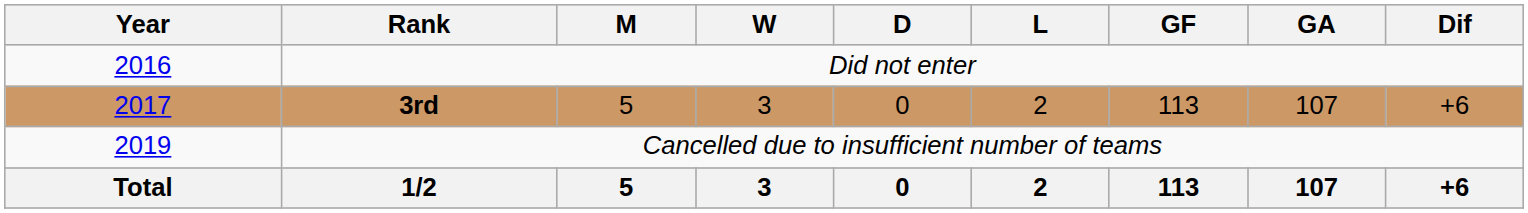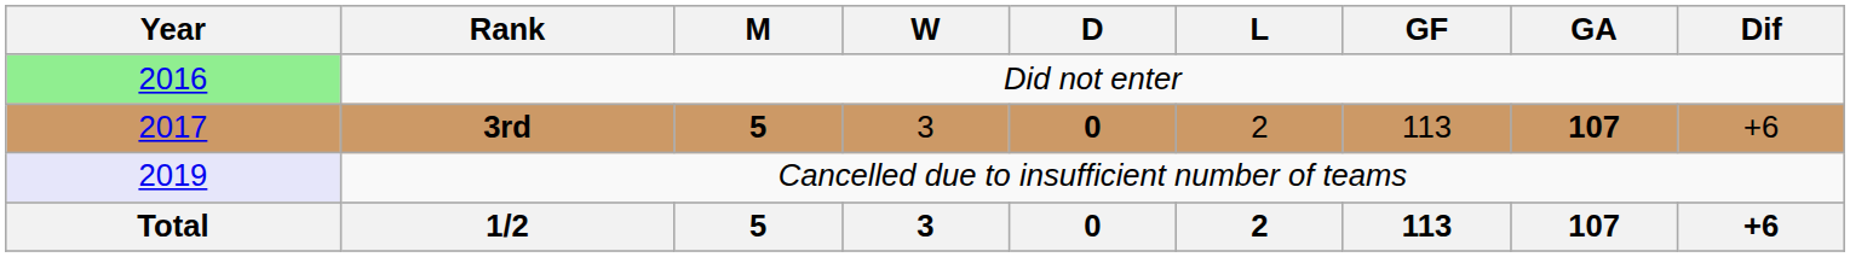 <table class="wikitable sortable" width=60% style="text-align:center">
 <tr>
 <th width=10%>Year</th>
 <th width=10%>Rank</th>
 <th width=5%>M</th>
 <th width=5%>W</th>
 <th width=5%>D</th>
 <th width=5%>L</th>
 <th width=5%>GF</th>
 <th width=5%>GA</th>
 <th width=5%>Dif</th>
 </tr>
 <tr>
-<td style="text-align:center;"> <a href='#'>2016</a></td>
+<td style="background: lightgreen; text-align:center;"> <a href='#'>2016</a></td>
 <td colspan=9><em>Did not enter</em></td>
 </tr>
 <tr style="background:#c96;">
 <td style="text-align:center;"> <a href='#'>2017</a></td>
 <td><strong>3rd</strong></td>
-<td>5</td>
+<td><strong>5</strong></td>
 <td>3</td>
-<td>0</td>
+<td><strong>0</strong></td>
 <td>2</td>
 <td>113</td>
-<td>107</td>
+<td><strong>107</strong></td>
 <td>+6</td>
 </tr>
 <tr>
-<td style="text-align:center;"> <a href='#'>2019</a></td>
+<td style="background: lavender; text-align:center;"> <a href='#'>2019</a></td>
 <td colspan=10><em>Cancelled due to insufficient number of teams</em></td>
 </tr>
 <tr>
 <th align=center>Total</th>
 <th>1/2</th>
 <th>5</th>
 <th>3</th>
 <th>0</th>
 <th>2</th>
 <th>113</th>
 <th>107</th>
 <th>+6</th>
 </tr>
 </table>
